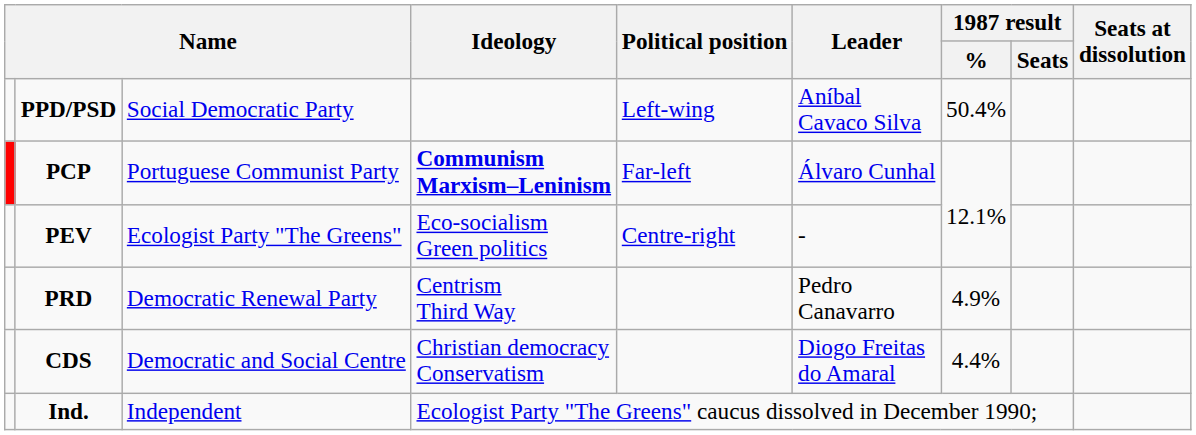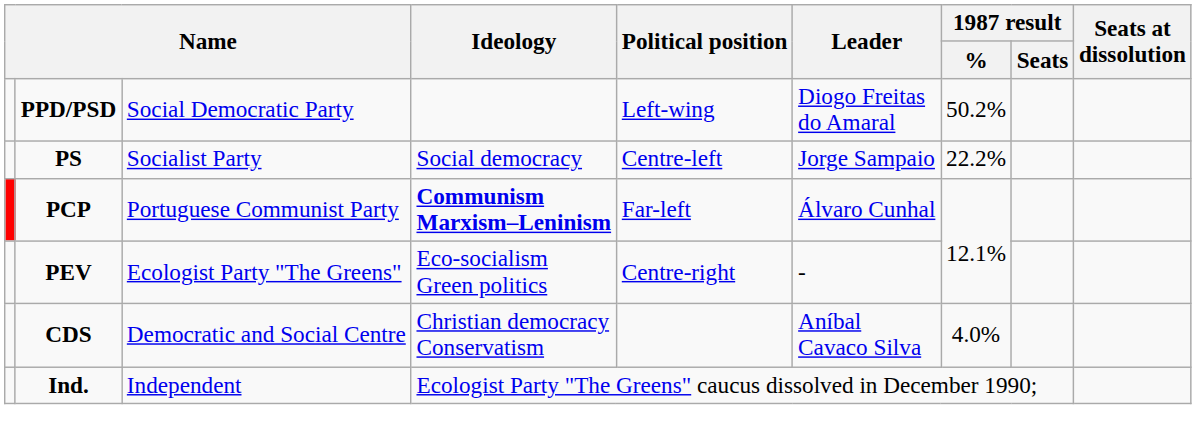 <table class="wikitable">
 <tr>
 <th rowspan="2" colspan="3">Name</th>
 <th rowspan="2">Ideology</th>
 <th rowspan="2">Political position</th>
 <th rowspan="2">Leader</th>
 <th colspan="2">1987 result</th>
 <th rowspan="2">Seats at<br>dissolution</th>
 </tr>
 <tr>
 <th>%</th>
 <th>Seats</th>
 </tr>
 <tr>
 <td style="color:inherit;background:"></td>
 <td style="text-align:center;"><strong>PPD/PSD</strong></td>
 <td><a href='#'>Social Democratic Party</a><br></td>
 <td></td>
 <td><a href='#'>Left-wing</a></td>
-<td><a href='#'>Aníbal<br>Cavaco Silva</a></td>
-<td style="text-align:center;">50.4%</td>
+<td><a href='#'>Diogo Freitas<br>do Amaral</a></td>
+<td style="text-align:center;">50.2%</td>
+<td></td>
+<td></td>
+</tr>
+<tr>
+<td style="color:inherit;background:"></td>
+<td style="text-align:center;"><strong>PS</strong></td>
+<td><a href='#'>Socialist Party</a><br></td>
+<td><a href='#'>Social democracy</a></td>
+<td><a href='#'>Centre-left</a></td>
+<td><a href='#'>Jorge Sampaio</a></td>
+<td style="text-align:center;">22.2%</td>
 <td></td>
 <td></td>
 </tr>
 <tr>
 <td style="background:#f00;"></td>
 <td style="text-align:center;"><strong>PCP</strong></td>
 <td><a href='#'>Portuguese Communist Party</a><br></td>
 <td><strong><a href='#'>Communism</a><br><a href='#'>Marxism–Leninism</a></strong></td>
 <td><a href='#'>Far-left</a></td>
 <td><a href='#'>Álvaro Cunhal</a></td>
 <td rowspan="2" style="text-align:center;"><br>12.1%<br></td>
 <td></td>
 <td></td>
 </tr>
 <tr>
 <td style="color:inherit;background:"></td>
 <td style="text-align:center;"><strong>PEV</strong></td>
 <td><a href='#'>Ecologist Party "The Greens"</a><br></td>
 <td><a href='#'>Eco-socialism</a><br><a href='#'>Green politics</a></td>
 <td><a href='#'>Centre-right</a></td>
 <td>-</td>
 <td></td>
 <td></td>
 </tr>
 <tr>
 <td style="color:inherit;background:"></td>
-<td style="text-align:center;"><strong>PRD</strong></td>
-<td><a href='#'>Democratic Renewal Party</a><br></td>
-<td><a href='#'>Centrism</a><br><a href='#'>Third Way</a></td>
-<td></td>
-<td>Pedro<br>Canavarro</td>
-<td style="text-align:center;">4.9%</td>
-<td></td>
-<td></td>
-</tr>
-<tr>
-<td style="color:inherit;background:"></td>
 <td style="text-align:center;"><strong>CDS</strong></td>
 <td><a href='#'>Democratic and Social Centre</a><br></td>
 <td><a href='#'>Christian democracy</a><br><a href='#'>Conservatism</a></td>
 <td></td>
-<td><a href='#'>Diogo Freitas<br>do Amaral</a></td>
-<td style="text-align:center;">4.4%</td>
+<td><a href='#'>Aníbal<br>Cavaco Silva</a></td>
+<td style="text-align:center;">4.0%</td>
 <td></td>
 <td></td>
 </tr>
 <tr>
 <td style="color:inherit;background:"></td>
 <td style="text-align:center;"><strong>Ind.</strong></td>
 <td><a href='#'>Independent</a><br></td>
 <td colspan="5"><a href='#'>Ecologist Party "The Greens"</a> caucus dissolved in December 1990;</td>
 <td></td>
 </tr>
 </table>
